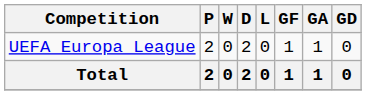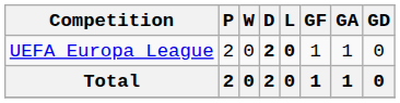 <table class="wikitable sortable" style="text-align:center">
 <tr>
 <th>Competition</th>
 <th>P</th>
 <th>W</th>
 <th>D</th>
 <th>L</th>
 <th>GF</th>
 <th>GA</th>
 <th>GD</th>
 </tr>
 <tr>
 <td><a href='#'>UEFA Europa League</a></td>
 <td>2</td>
 <td>0</td>
-<td>2</td>
-<td>0</td>
+<td><strong>2</strong></td>
+<td><strong>0</strong></td>
 <td>1</td>
 <td>1</td>
 <td>0</td>
 </tr>
 <tr>
 <th><strong>Total</strong></th>
 <th><strong>2</strong></th>
 <th><strong>0</strong></th>
 <th><strong>2</strong></th>
 <th><strong>0</strong></th>
 <th><strong>1</strong></th>
 <th><strong>1</strong></th>
 <th><strong>0</strong></th>
 </tr>
 <tr>
 </tr>
 </table>
